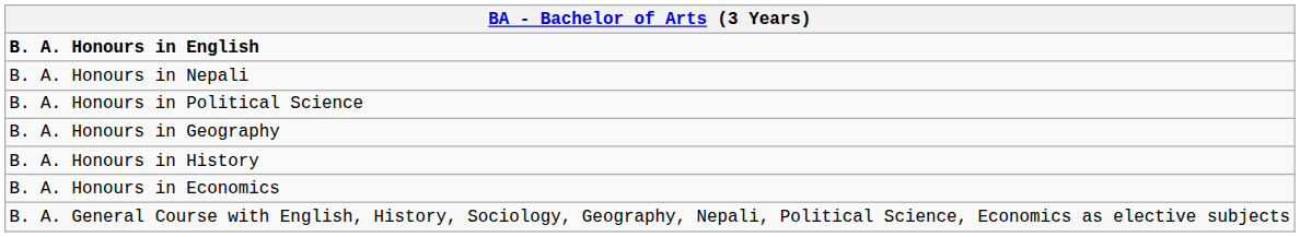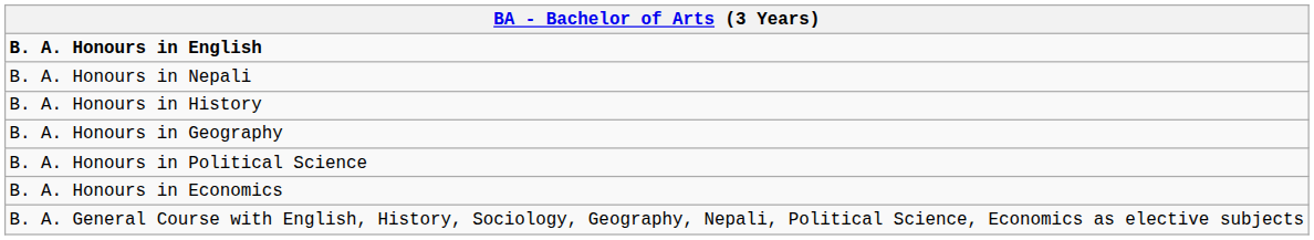 <table class="wikitable">
 <tr>
 <th><a href='#'>BA - Bachelor of Arts</a> (3 Years)</th>
 </tr>
 <tr>
 <td><strong>B. A. Honours in English</strong></td>
 </tr>
 <tr>
 <td>B. A. Honours in Nepali</td>
 </tr>
 <tr>
-<td>B. A. Honours in Political Science</td>
+<td>B. A. Honours in History</td>
 </tr>
 <tr>
 <td>B. A. Honours in Geography</td>
 </tr>
 <tr>
-<td>B. A. Honours in History</td>
+<td>B. A. Honours in Political Science</td>
 </tr>
 <tr>
 <td>B. A. Honours in Economics</td>
 </tr>
 <tr>
 <td>B. A. General Course with English, History, Sociology, Geography, Nepali, Political Science,   Economics as elective subjects</td>
 </tr>
 </table>
